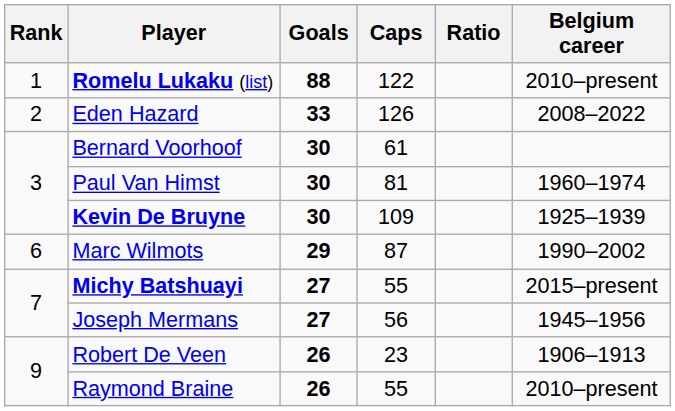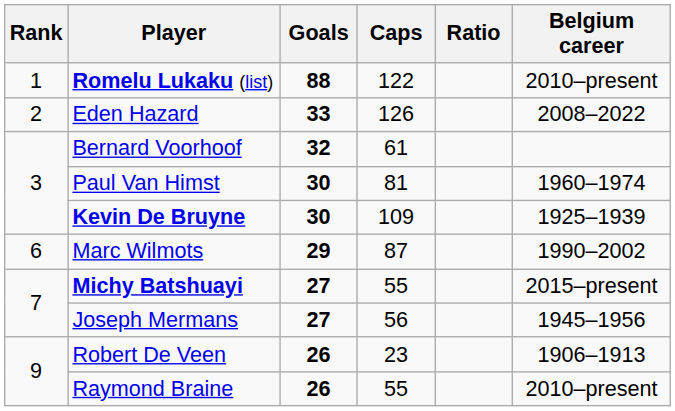 <table class="wikitable sortable" style="text-align:center;">
 <tr>
 <th style="width:30px;">Rank</th>
 <th style="width:150px;">Player</th>
 <th style="width:50px;">Goals</th>
 <th style="width:50px;">Caps</th>
 <th style="width:50px;">Ratio</th>
 <th style="width:110px;">Belgium career</th>
 </tr>
 <tr>
 <td>1</td>
 <td style="text-align:left"><strong><a href='#'>Romelu Lukaku</a></strong> <small>(<a href='#'>list</a>)</small></td>
 <td><strong>88</strong></td>
 <td>122</td>
 <td></td>
 <td>2010–present</td>
 </tr>
 <tr>
 <td>2</td>
 <td style="text-align:left"><a href='#'>Eden Hazard</a></td>
 <td><strong>33</strong></td>
 <td>126</td>
 <td></td>
 <td>2008–2022</td>
 </tr>
 <tr>
 <td rowspan="3">3</td>
 <td style="text-align:left;"><a href='#'>Bernard Voorhoof</a></td>
-<td><strong>30</strong></td>
+<td><strong>32</strong></td>
 <td>61</td>
 <td></td>
 <td></td>
 </tr>
 <tr>
 <td style="text-align:left;"><a href='#'>Paul Van Himst</a></td>
 <td><strong>30</strong></td>
 <td>81</td>
 <td></td>
 <td>1960–1974</td>
 </tr>
 <tr>
 <td style="text-align:left;"><strong><a href='#'>Kevin De Bruyne</a></strong></td>
 <td><strong>30</strong></td>
 <td>109</td>
 <td></td>
 <td>1925–1939</td>
 </tr>
 <tr>
 <td>6</td>
 <td style="text-align:left;"><a href='#'>Marc Wilmots</a></td>
 <td><strong>29</strong></td>
 <td>87</td>
 <td></td>
 <td>1990–2002</td>
 </tr>
 <tr>
 <td rowspan=2>7</td>
 <td style="text-align:left;"><strong><a href='#'>Michy Batshuayi</a></strong></td>
 <td><strong>27</strong></td>
 <td>55</td>
 <td></td>
 <td>2015–present</td>
 </tr>
 <tr>
 <td style="text-align:left;"><a href='#'>Joseph Mermans</a></td>
 <td><strong>27</strong></td>
 <td>56</td>
 <td></td>
 <td>1945–1956</td>
 </tr>
 <tr>
 <td rowspan=2>9</td>
 <td style="text-align:left;"><a href='#'>Robert De Veen</a></td>
 <td><strong>26</strong></td>
 <td>23</td>
 <td></td>
 <td>1906–1913</td>
 </tr>
 <tr>
 <td style="text-align:left;"><a href='#'>Raymond Braine</a></td>
 <td><strong>26</strong></td>
 <td>55</td>
 <td></td>
 <td>2010–present</td>
 </tr>
 </table>
